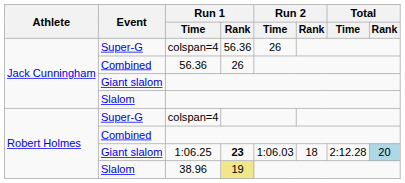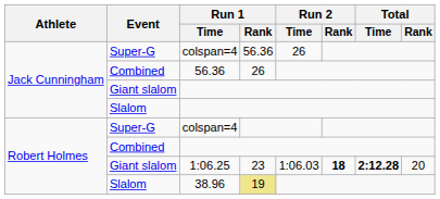 <table class="wikitable" style="font-size:90%">
 <tr>
 <th rowspan=2>Athlete</th>
 <th rowspan=2>Event</th>
 <th colspan=2>Run 1</th>
 <th colspan=2>Run 2</th>
 <th colspan=2>Total</th>
 </tr>
 <tr style="font-size:95%">
 <th>Time</th>
 <th>Rank</th>
 <th>Time</th>
 <th>Rank</th>
 <th>Time</th>
 <th>Rank</th>
 </tr>
 <tr align=center>
 <td align="left" rowspan="4"><a href='#'>Jack Cunningham</a></td>
 <td align="left"><a href='#'>Super-G</a></td>
 <td>colspan=4</td>
 <td>56.36</td>
 <td>26</td>
 </tr>
 <tr align=center>
 <td align="left"><a href='#'>Combined</a></td>
 <td>56.36</td>
 <td>26</td>
 <td colspan=4></td>
 </tr>
 <tr align=center>
 <td align="left"><a href='#'>Giant slalom</a></td>
 <td colspan=6></td>
 </tr>
 <tr align=center>
 <td align="left"><a href='#'>Slalom</a></td>
 <td colspan=6></td>
 </tr>
 <tr align=center>
 <td align="left" rowspan="4"><a href='#'>Robert Holmes</a></td>
 <td align="left"><a href='#'>Super-G</a></td>
 <td>colspan=4</td>
 <td colspan=2></td>
 </tr>
 <tr align=center>
 <td align="left"><a href='#'>Combined</a></td>
 <td colspan=6></td>
 </tr>
 <tr align=center>
 <td align="left"><a href='#'>Giant slalom</a></td>
 <td>1:06.25</td>
-<td><strong>23</strong></td>
+<td>23</td>
 <td>1:06.03</td>
-<td>18</td>
-<td>2:12.28</td>
-<td style="background: lightblue;">20</td>
+<td><strong>18</strong></td>
+<td><strong>2:12.28</strong></td>
+<td>20</td>
 </tr>
 <tr align=center>
 <td align="left"><a href='#'>Slalom</a></td>
 <td>38.96</td>
 <td style="background: khaki;">19</td>
 <td colspan=4></td>
 </tr>
 </table>
